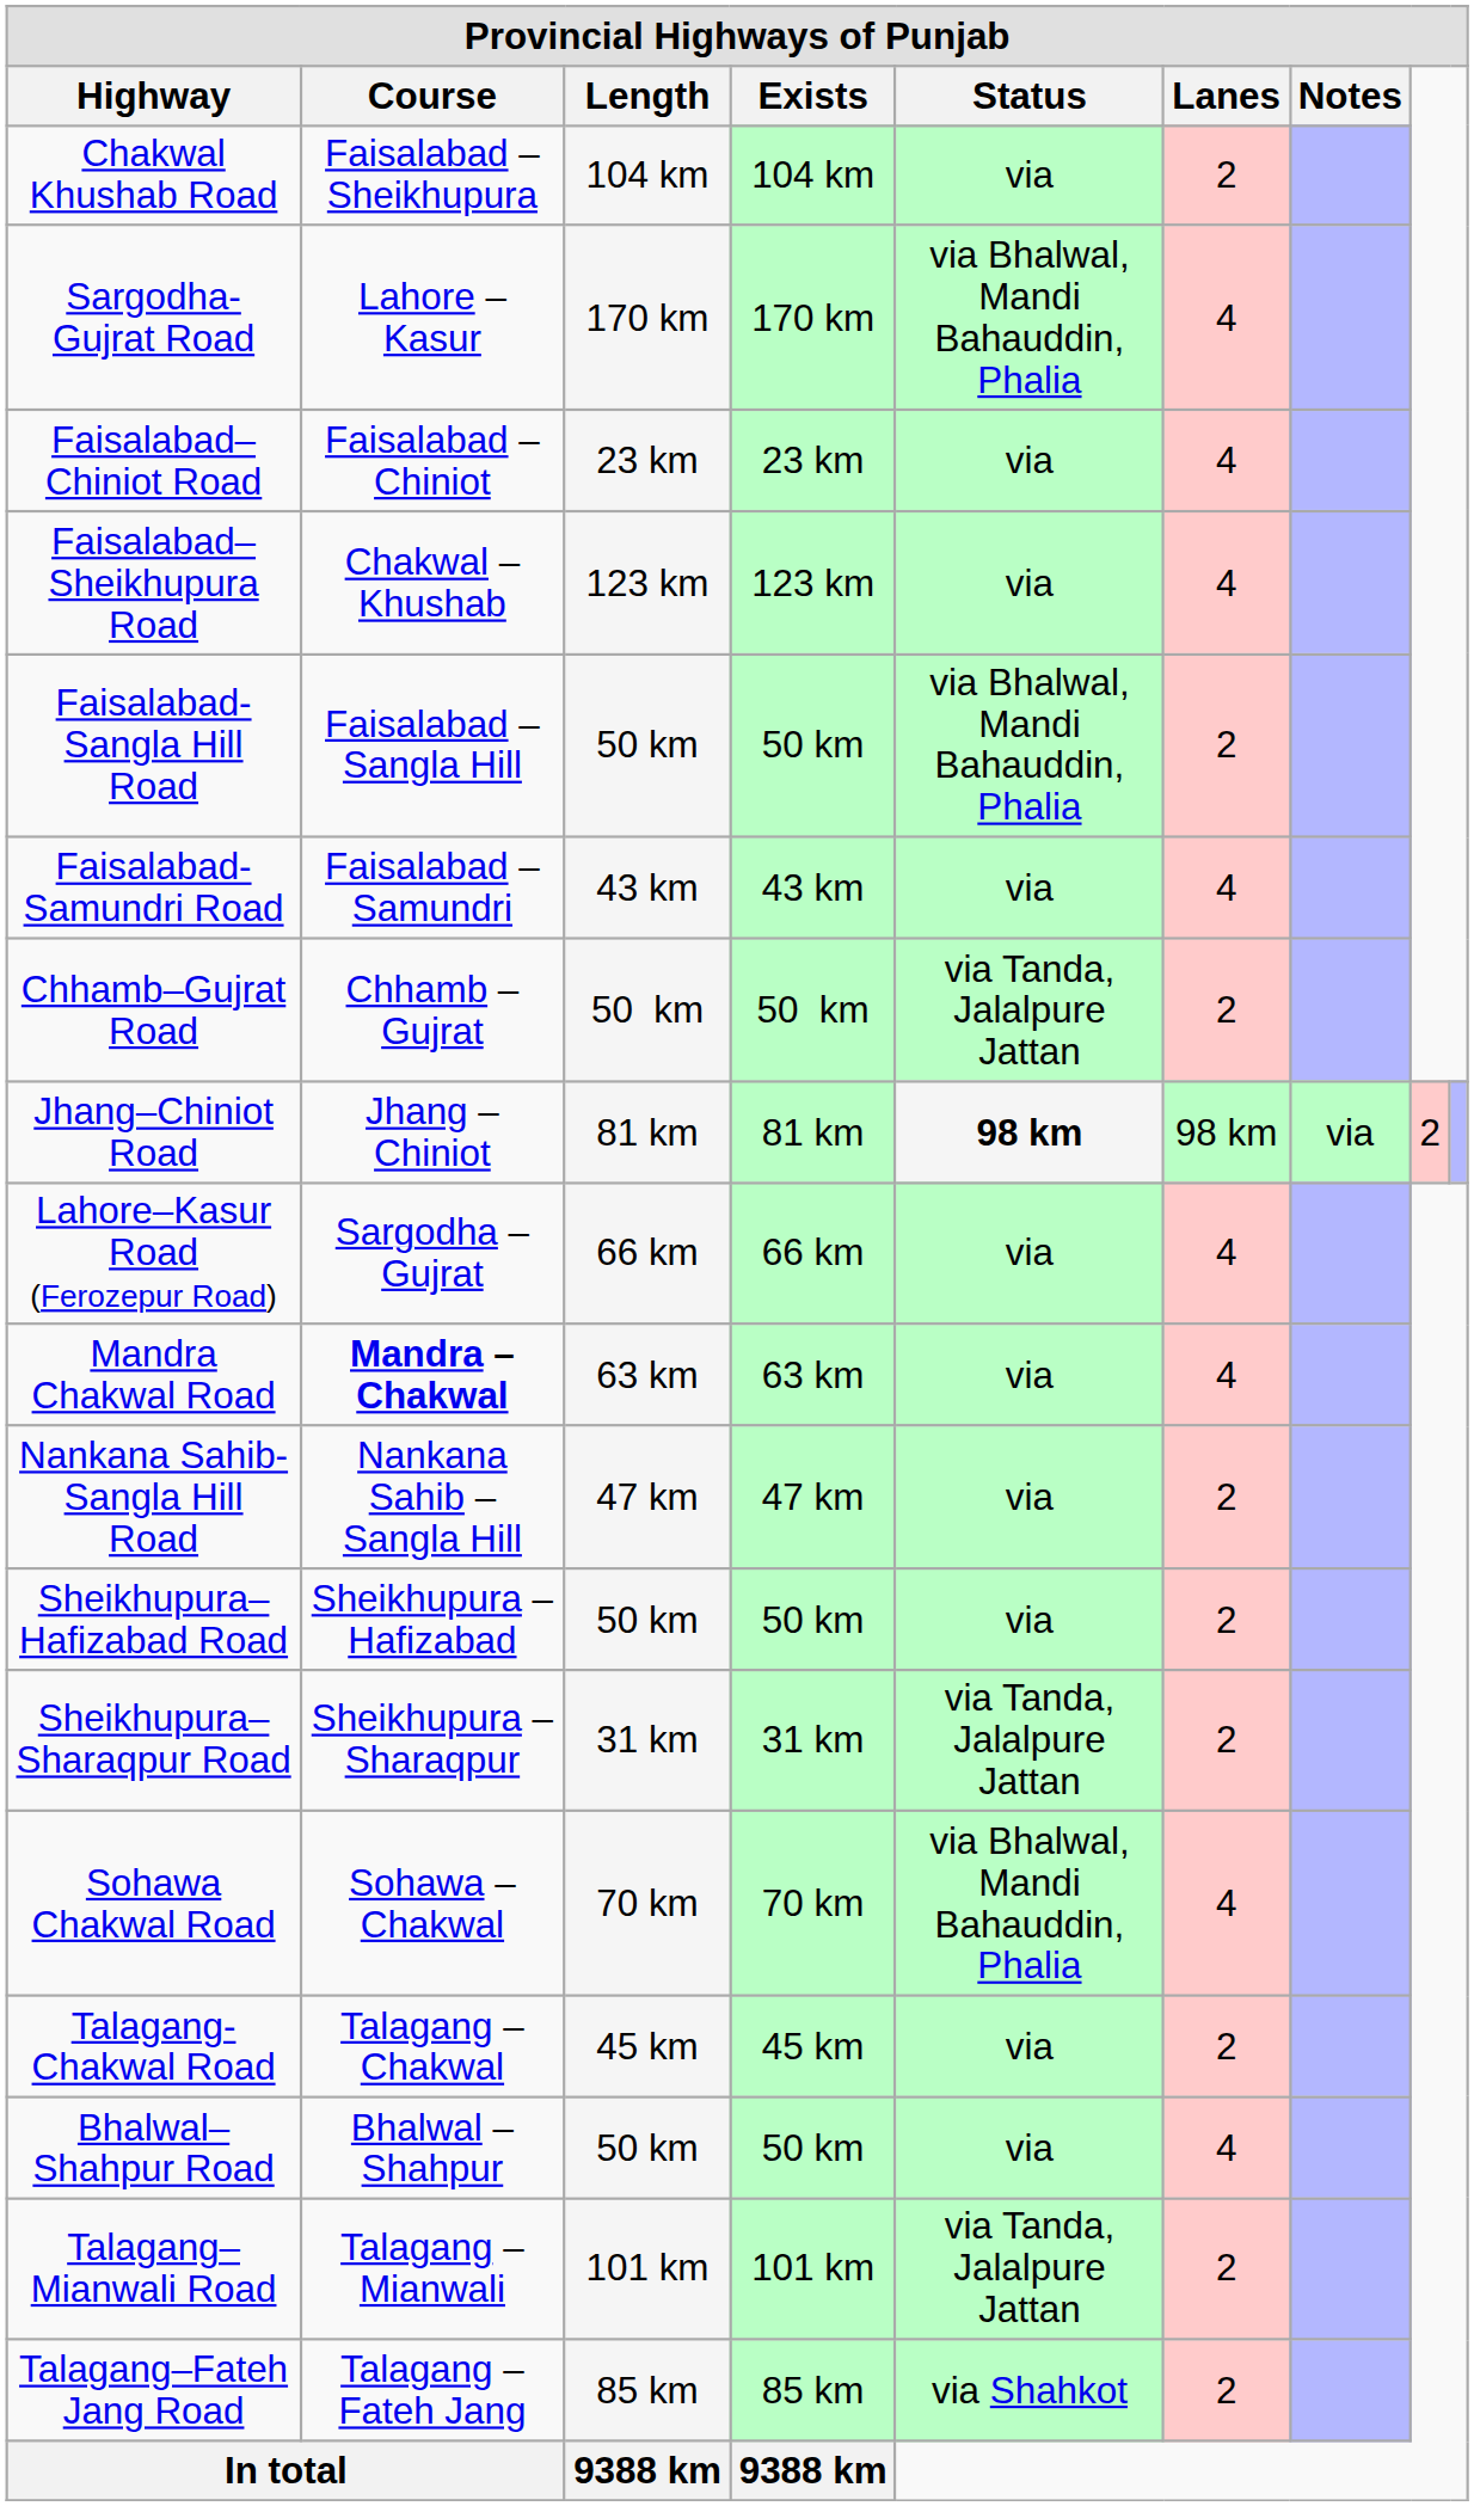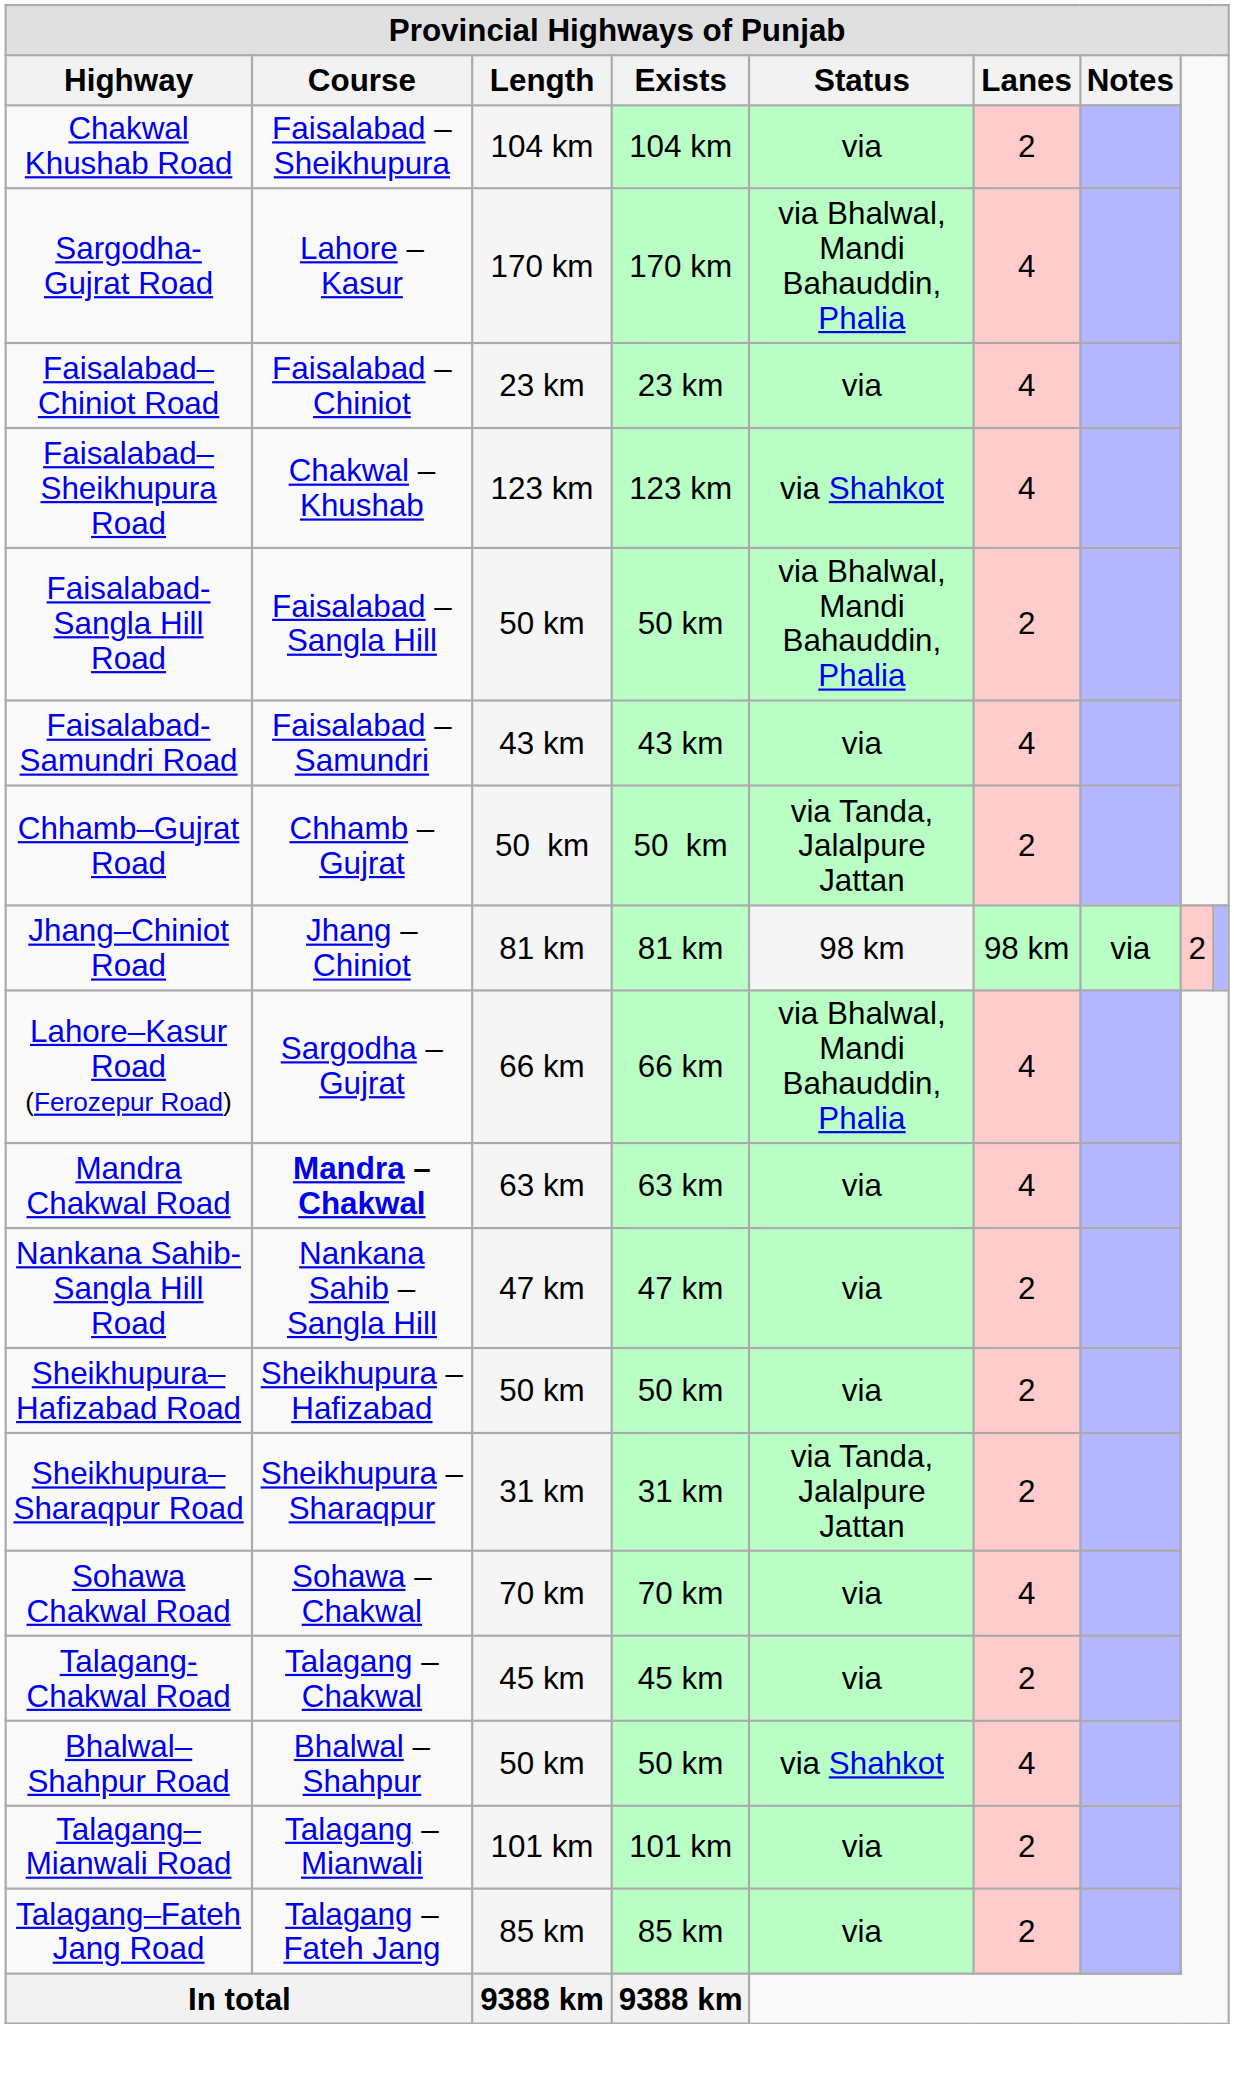 <table class="wikitable" style="margin:auto; font-size:90%; align:center; text-align:center; width:90%">
 <tr>
 <td colspan="12" bgcolor="#E0E0E0"><strong>Provincial Highways of Punjab</strong></td>
 </tr>
 <tr>
 <th>Highway</th>
 <th>Course</th>
 <th>Length</th>
 <th>Exists</th>
 <th>Status</th>
 <th>Lanes</th>
 <th>Notes</th>
 </tr>
 <tr>
 <td><a href='#'>Chakwal Khushab Road</a></td>
 <td><a href='#'>Faisalabad</a> – <a href='#'>Sheikhupura</a></td>
 <td bgcolor="#F5F5F5">104 km</td>
 <td bgcolor="#B9FFC5">104 km</td>
 <td bgcolor="#B9FFC5">via</td>
 <td bgcolor="#FFCBCB">2</td>
 <td bgcolor="#B3B7FF"></td>
 </tr>
 <tr>
 <td><a href='#'>Sargodha-Gujrat Road</a></td>
 <td><a href='#'>Lahore</a> – <a href='#'>Kasur</a></td>
 <td bgcolor="#F5F5F5">170 km</td>
 <td bgcolor="#B9FFC5">170 km</td>
 <td bgcolor="#B9FFC5">via Bhalwal, Mandi Bahauddin, <a href='#'>Phalia</a></td>
 <td bgcolor="#FFCBCB">4</td>
 <td bgcolor="#B3B7FF"></td>
 </tr>
 <tr>
 <td><a href='#'>Faisalabad–Chiniot Road</a></td>
 <td><a href='#'>Faisalabad</a> – <a href='#'>Chiniot</a></td>
 <td bgcolor="#F5F5F5">23 km</td>
 <td bgcolor="#B9FFC5">23 km</td>
 <td bgcolor="#B9FFC5">via</td>
 <td bgcolor="#FFCBCB">4</td>
 <td bgcolor="#B3B7FF"></td>
 </tr>
 <tr>
 <td><a href='#'>Faisalabad–Sheikhupura Road</a></td>
 <td><a href='#'>Chakwal</a> – <a href='#'>Khushab</a></td>
 <td bgcolor="#F5F5F5">123 km</td>
 <td bgcolor="#B9FFC5">123 km</td>
-<td bgcolor="#B9FFC5">via</td>
+<td bgcolor="#B9FFC5">via <a href='#'>Shahkot</a></td>
 <td bgcolor="#FFCBCB">4</td>
 <td bgcolor="#B3B7FF"></td>
 </tr>
 <tr>
 <td><a href='#'>Faisalabad-Sangla Hill Road</a></td>
 <td><a href='#'>Faisalabad</a> – <a href='#'>Sangla Hill</a></td>
 <td bgcolor="#F5F5F5">50 km</td>
 <td bgcolor="#B9FFC5">50 km</td>
 <td bgcolor="#B9FFC5">via Bhalwal, Mandi Bahauddin, <a href='#'>Phalia</a></td>
 <td bgcolor="#FFCBCB">2</td>
 <td bgcolor="#B3B7FF"></td>
 </tr>
 <tr>
 <td><a href='#'>Faisalabad-Samundri Road</a></td>
 <td><a href='#'>Faisalabad</a> – <a href='#'>Samundri</a></td>
 <td bgcolor="#F5F5F5">43 km</td>
 <td bgcolor="#B9FFC5">43 km</td>
 <td bgcolor="#B9FFC5">via</td>
 <td bgcolor="#FFCBCB">4</td>
 <td bgcolor="#B3B7FF"></td>
 </tr>
 <tr>
 <td><a href='#'>Chhamb–Gujrat Road</a></td>
 <td><a href='#'>Chhamb</a> – <a href='#'>Gujrat</a></td>
 <td bgcolor="#F5F5F5">50  km</td>
 <td bgcolor="#B9FFC5">50  km</td>
 <td bgcolor="#B9FFC5">via Tanda, Jalalpure Jattan</td>
 <td bgcolor="#FFCBCB">2</td>
 <td bgcolor="#B3B7FF"></td>
 </tr>
 <tr>
 <td><a href='#'>Jhang–Chiniot Road</a></td>
 <td><a href='#'>Jhang</a> – <a href='#'>Chiniot</a></td>
 <td bgcolor="#F5F5F5">81 km</td>
 <td bgcolor="#B9FFC5">81 km</td>
-<td bgcolor="#F5F5F5"><strong>98 km</strong></td>
+<td bgcolor="#F5F5F5">98 km</td>
 <td bgcolor="#B9FFC5">98 km</td>
 <td bgcolor="#B9FFC5">via</td>
 <td bgcolor="#FFCBCB">2</td>
 <td bgcolor="#B3B7FF"></td>
 </tr>
 <tr>
 <td><a href='#'>Lahore–Kasur Road</a><br><small>(<a href='#'>Ferozepur Road</a>)</small></td>
 <td><a href='#'>Sargodha</a> – <a href='#'>Gujrat</a></td>
 <td bgcolor="#F5F5F5">66 km</td>
 <td bgcolor="#B9FFC5">66 km</td>
-<td bgcolor="#B9FFC5">via</td>
+<td bgcolor="#B9FFC5">via Bhalwal, Mandi Bahauddin, <a href='#'>Phalia</a></td>
 <td bgcolor="#FFCBCB">4</td>
 <td bgcolor="#B3B7FF"></td>
 </tr>
 <tr>
 <td><a href='#'>Mandra Chakwal Road</a></td>
 <td><strong><a href='#'>Mandra</a> – <a href='#'>Chakwal</a></strong></td>
 <td bgcolor="#F5F5F5">63 km</td>
 <td bgcolor="#B9FFC5">63 km</td>
 <td bgcolor="#B9FFC5">via</td>
 <td bgcolor="#FFCBCB">4</td>
 <td bgcolor="#B3B7FF"></td>
 </tr>
 <tr>
 <td><a href='#'>Nankana Sahib-Sangla Hill Road</a></td>
 <td><a href='#'>Nankana Sahib</a> – <a href='#'>Sangla Hill</a></td>
 <td bgcolor="#F5F5F5">47 km</td>
 <td bgcolor="#B9FFC5">47 km</td>
 <td bgcolor="#B9FFC5">via</td>
 <td bgcolor="#FFCBCB">2</td>
 <td bgcolor="#B3B7FF"></td>
 </tr>
 <tr>
 <td><a href='#'>Sheikhupura–Hafizabad Road</a></td>
 <td><a href='#'>Sheikhupura</a> – <a href='#'>Hafizabad</a></td>
 <td bgcolor="#F5F5F5">50 km</td>
 <td bgcolor="#B9FFC5">50 km</td>
 <td bgcolor="#B9FFC5">via</td>
 <td bgcolor="#FFCBCB">2</td>
 <td bgcolor="#B3B7FF"></td>
 </tr>
 <tr>
 <td><a href='#'>Sheikhupura–Sharaqpur Road</a></td>
 <td><a href='#'>Sheikhupura</a> – <a href='#'>Sharaqpur</a></td>
 <td bgcolor="#F5F5F5">31 km</td>
 <td bgcolor="#B9FFC5">31 km</td>
 <td bgcolor="#B9FFC5">via Tanda, Jalalpure Jattan</td>
 <td bgcolor="#FFCBCB">2</td>
 <td bgcolor="#B3B7FF"></td>
 </tr>
 <tr>
 <td><a href='#'>Sohawa Chakwal Road</a></td>
 <td><a href='#'>Sohawa</a> – <a href='#'>Chakwal</a></td>
 <td bgcolor="#F5F5F5">70 km</td>
 <td bgcolor="#B9FFC5">70 km</td>
-<td bgcolor="#B9FFC5">via Bhalwal, Mandi Bahauddin, <a href='#'>Phalia</a></td>
+<td bgcolor="#B9FFC5">via</td>
 <td bgcolor="#FFCBCB">4</td>
 <td bgcolor="#B3B7FF"></td>
 </tr>
 <tr>
 <td><a href='#'>Talagang-Chakwal Road</a></td>
 <td><a href='#'>Talagang</a> – <a href='#'>Chakwal</a></td>
 <td bgcolor="#F5F5F5">45 km</td>
 <td bgcolor="#B9FFC5">45 km</td>
 <td bgcolor="#B9FFC5">via</td>
 <td bgcolor="#FFCBCB">2</td>
 <td bgcolor="#B3B7FF"></td>
 </tr>
 <tr>
 <td><a href='#'>Bhalwal–Shahpur Road</a></td>
 <td><a href='#'>Bhalwal</a> – <a href='#'>Shahpur</a></td>
 <td bgcolor="#F5F5F5">50 km</td>
 <td bgcolor="#B9FFC5">50 km</td>
-<td bgcolor="#B9FFC5">via</td>
+<td bgcolor="#B9FFC5">via <a href='#'>Shahkot</a></td>
 <td bgcolor="#FFCBCB">4</td>
 <td bgcolor="#B3B7FF"></td>
 </tr>
 <tr>
 <td><a href='#'>Talagang–Mianwali Road</a></td>
 <td><a href='#'>Talagang</a> – <a href='#'>Mianwali</a></td>
 <td bgcolor="#F5F5F5">101 km</td>
 <td bgcolor="#B9FFC5">101 km</td>
-<td bgcolor="#B9FFC5">via Tanda, Jalalpure Jattan</td>
+<td bgcolor="#B9FFC5">via</td>
 <td bgcolor="#FFCBCB">2</td>
 <td bgcolor="#B3B7FF"></td>
 </tr>
 <tr>
 <td><a href='#'>Talagang–Fateh Jang Road</a></td>
 <td><a href='#'>Talagang</a> – <a href='#'>Fateh Jang</a></td>
 <td bgcolor="#F5F5F5">85 km</td>
 <td bgcolor="#B9FFC5">85 km</td>
-<td bgcolor="#B9FFC5">via <a href='#'>Shahkot</a></td>
+<td bgcolor="#B9FFC5">via</td>
 <td bgcolor="#FFCBCB">2</td>
 <td bgcolor="#B3B7FF"></td>
 </tr>
 <tr>
 <th colspan="2">In total</th>
 <th><strong>9388 km</strong></th>
 <th><strong>9388 km</strong></th>
 </tr>
 <tr>
 </tr>
 </table>
